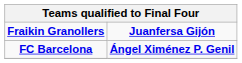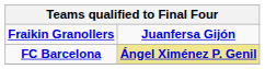 <table class="wikitable" style="text-align: center; margin: 0 auto;">
 <tr>
 <th colspan="4">Teams qualified to <strong>Final Four</strong></th>
 </tr>
 <tr>
 <td><strong><a href='#'>Fraikin Granollers</a></strong></td>
 <td><strong><a href='#'>Juanfersa Gijón</a></strong></td>
 </tr>
 <tr>
 <td><strong><a href='#'>FC Barcelona</a></strong></td>
-<td><strong><a href='#'>Ángel Ximénez P. Genil</a></strong></td>
+<td style="background: khaki;"><strong><a href='#'>Ángel Ximénez P. Genil</a></strong></td>
 </tr>
 <tr>
 </tr>
 </table>
